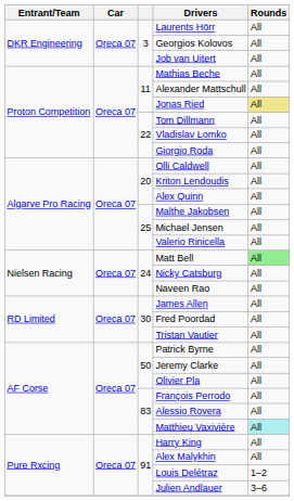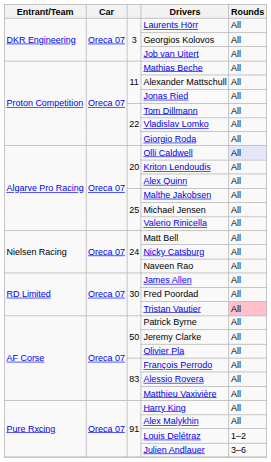 <table class="wikitable" style="font-size: 85%">
 <tr>
 <th>Entrant/Team</th>
 <th>Car</th>
 <th></th>
 <th>Drivers</th>
 <th>Rounds</th>
 </tr>
 <tr>
 <td rowspan="3"> <a href='#'>DKR Engineering</a></td>
 <td rowspan="3"><a href='#'>Oreca 07</a></td>
 <td rowspan="3" align="center">3</td>
 <td> <a href='#'>Laurents Hörr</a></td>
 <td>All</td>
 </tr>
 <tr>
 <td> Georgios Kolovos</td>
 <td>All</td>
 </tr>
 <tr>
 <td> <a href='#'>Job van Uitert</a></td>
 <td>All</td>
 </tr>
 <tr>
 <td rowspan="6"> <a href='#'>Proton Competition</a></td>
 <td rowspan="6"><a href='#'>Oreca 07</a></td>
 <td rowspan="3" align="center">11</td>
 <td> <a href='#'>Mathias Beche</a></td>
 <td>All</td>
 </tr>
 <tr>
 <td> Alexander Mattschull</td>
 <td>All</td>
 </tr>
 <tr>
 <td> <a href='#'>Jonas Ried</a></td>
-<td style="background: khaki;">All</td>
+<td>All</td>
 </tr>
 <tr>
 <td rowspan="3" align="center">22</td>
 <td> <a href='#'>Tom Dillmann</a></td>
 <td>All</td>
 </tr>
 <tr>
 <td> <a href='#'>Vladislav Lomko</a></td>
 <td>All</td>
 </tr>
 <tr>
 <td> <a href='#'>Giorgio Roda</a></td>
 <td>All</td>
 </tr>
 <tr>
 <td rowspan="6"> <a href='#'>Algarve Pro Racing</a></td>
 <td rowspan="6"><a href='#'>Oreca 07</a></td>
 <td rowspan="3" align="center">20</td>
 <td> <a href='#'>Olli Caldwell</a></td>
-<td>All</td>
+<td style="background: lavender;">All</td>
 </tr>
 <tr>
 <td> <a href='#'>Kriton Lendoudis</a></td>
 <td>All</td>
 </tr>
 <tr>
 <td> <a href='#'>Alex Quinn</a></td>
 <td>All</td>
 </tr>
 <tr>
 <td rowspan="3" align="center">25</td>
 <td> <a href='#'>Malthe Jakobsen</a></td>
 <td>All</td>
 </tr>
 <tr>
 <td> Michael Jensen</td>
 <td>All</td>
 </tr>
 <tr>
 <td> <a href='#'>Valerio Rinicella</a></td>
 <td>All</td>
 </tr>
 <tr>
 <td rowspan="3"> Nielsen Racing</td>
 <td rowspan="3"><a href='#'>Oreca 07</a></td>
 <td rowspan="3" align="center">24</td>
 <td> Matt Bell</td>
-<td style="background: lightgreen;">All</td>
+<td>All</td>
 </tr>
 <tr>
 <td> <a href='#'>Nicky Catsburg</a></td>
 <td>All</td>
 </tr>
 <tr>
 <td> Naveen Rao</td>
 <td>All</td>
 </tr>
 <tr>
 <td rowspan="3"> <a href='#'>RD Limited</a></td>
 <td rowspan="3"><a href='#'>Oreca 07</a></td>
 <td rowspan="3" align="center">30</td>
 <td> <a href='#'>James Allen</a></td>
 <td>All</td>
 </tr>
 <tr>
 <td> Fred Poordad</td>
 <td>All</td>
 </tr>
 <tr>
 <td> <a href='#'>Tristan Vautier</a></td>
-<td>All</td>
+<td style="background: pink;">All</td>
 </tr>
 <tr>
 <td rowspan="6"> <a href='#'>AF Corse</a></td>
 <td rowspan="6"><a href='#'>Oreca 07</a></td>
 <td rowspan="3" align="center">50</td>
 <td> Patrick Byrne</td>
 <td>All</td>
 </tr>
 <tr>
 <td> Jeremy Clarke</td>
 <td>All</td>
 </tr>
 <tr>
 <td> <a href='#'>Olivier Pla</a></td>
 <td>All</td>
 </tr>
 <tr>
 <td rowspan="3" align="center">83</td>
 <td> <a href='#'>François Perrodo</a></td>
 <td>All</td>
 </tr>
 <tr>
 <td> <a href='#'>Alessio Rovera</a></td>
 <td>All</td>
 </tr>
 <tr>
 <td> <a href='#'>Matthieu Vaxivière</a></td>
-<td style="background: paleturquoise;">All</td>
+<td>All</td>
 </tr>
 <tr>
 <td rowspan="4"> <a href='#'>Pure Rxcing</a></td>
 <td rowspan="4"><a href='#'>Oreca 07</a></td>
 <td rowspan="4" align="center">91</td>
 <td> <a href='#'>Harry King</a></td>
 <td>All</td>
 </tr>
 <tr>
 <td> <a href='#'>Alex Malykhin</a></td>
 <td>All</td>
 </tr>
 <tr>
 <td> <a href='#'>Louis Delétraz</a></td>
 <td>1–2</td>
 </tr>
 <tr>
 <td> <a href='#'>Julien Andlauer</a></td>
 <td>3–6</td>
 </tr>
 <tr>
 </tr>
 </table>
